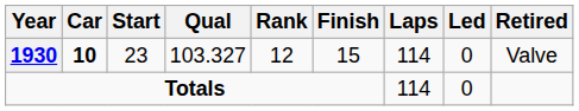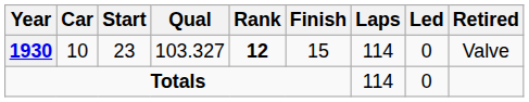 <table class="wikitable" style="text-align:center">
 <tr>
 <th>Year</th>
 <th>Car</th>
 <th>Start</th>
 <th>Qual</th>
 <th>Rank</th>
 <th>Finish</th>
 <th>Laps</th>
 <th>Led</th>
 <th>Retired</th>
 </tr>
 <tr>
 <th><a href='#'>1930</a></th>
-<td><strong>10</strong></td>
+<td>10</td>
 <td>23</td>
 <td>103.327</td>
-<td>12</td>
+<td><strong>12</strong></td>
 <td>15</td>
 <td>114</td>
 <td>0</td>
 <td>Valve</td>
 </tr>
 <tr>
 <td colspan=6><strong>Totals</strong></td>
 <td>114</td>
 <td>0</td>
 <td></td>
 </tr>
 </table>
